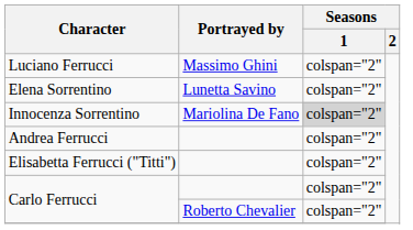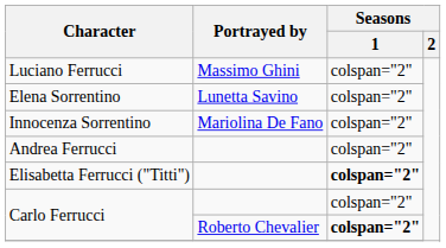 <table class="wikitable">
 <tr>
 <th rowspan="2">Character</th>
 <th rowspan="2">Portrayed by</th>
 <th colspan="2">Seasons</th>
 </tr>
 <tr>
 <th>1</th>
 <th>2</th>
 </tr>
 <tr>
 <td>Luciano Ferrucci</td>
 <td><a href='#'>Massimo Ghini</a></td>
 <td>colspan="2" </td>
 </tr>
 <tr>
 <td>Elena Sorrentino</td>
 <td><a href='#'>Lunetta Savino</a></td>
 <td>colspan="2" </td>
 </tr>
 <tr>
 <td>Innocenza Sorrentino</td>
 <td><a href='#'>Mariolina De Fano</a></td>
-<td style="background: lightgrey;">colspan="2" </td>
+<td>colspan="2" </td>
 </tr>
 <tr>
 <td>Andrea Ferrucci</td>
 <td></td>
 <td>colspan="2" </td>
 </tr>
 <tr>
 <td>Elisabetta Ferrucci ("Titti")</td>
 <td></td>
-<td>colspan="2" </td>
+<td><strong>colspan="2" </strong></td>
 </tr>
 <tr>
 <td rowspan = 2>Carlo Ferrucci</td>
 <td></td>
 <td>colspan="2" </td>
 </tr>
 <tr>
 <td><a href='#'>Roberto Chevalier</a></td>
-<td>colspan="2"  </td>
+<td><strong>colspan="2"  </strong></td>
 </tr>
 <tr>
 </tr>
 </table>
